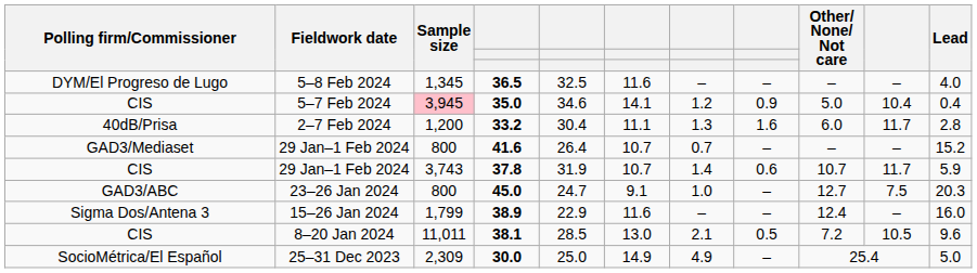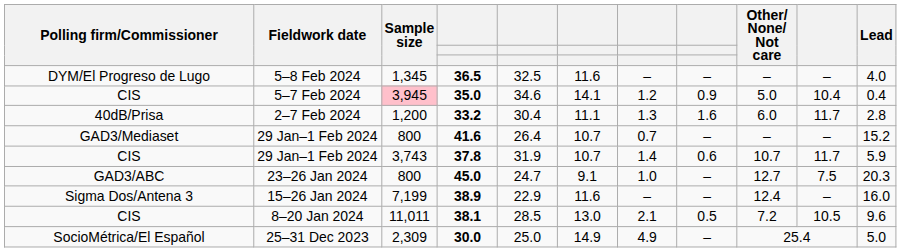 <table class="wikitable collapsible collapsed" style="text-align:center; font-size:90%; line-height:14px;">
 <tr style="height:42px;">
 <th style="width:250px;" rowspan="3">Polling firm/Commissioner</th>
 <th style="width:125px;" rowspan="3">Fieldwork date</th>
 <th style="width:50px;" rowspan="3">Sample size</th>
 <th style="width:55px;"></th>
 <th style="width:55px;"></th>
 <th style="width:55px;"></th>
 <th style="width:55px;"></th>
 <th style="width:55px;"></th>
 <th style="width:55px;" rowspan="3">Other/<br>None/<br>Not<br>care</th>
 <th style="width:55px;" rowspan="3"></th>
 <th style="width:30px;" rowspan="3">Lead</th>
 </tr>
 <tr>
 <th style="color:inherit;background:"></th>
 <th style="color:inherit;background:"></th>
 <th style="color:inherit;background:"></th>
 <th style="color:inherit;background:"></th>
 <th style="color:inherit;background:"></th>
 </tr>
 <tr>
 <th></th>
 <th></th>
 <th></th>
 <th></th>
 <th></th>
 </tr>
 <tr>
 <td>DYM/El Progreso de Lugo</td>
 <td>5–8 Feb 2024</td>
 <td>1,345</td>
 <td><strong>36.5</strong></td>
 <td>32.5</td>
 <td>11.6</td>
 <td>–</td>
 <td>–</td>
 <td>–</td>
 <td>–</td>
 <td style="background:">4.0</td>
 </tr>
 <tr>
 <td>CIS</td>
 <td>5–7 Feb 2024</td>
 <td style="background: pink;">3,945</td>
 <td><strong>35.0</strong></td>
 <td>34.6</td>
 <td>14.1</td>
 <td>1.2</td>
 <td>0.9</td>
 <td>5.0</td>
 <td>10.4</td>
 <td style="background:">0.4</td>
 </tr>
 <tr>
 <td>40dB/Prisa</td>
 <td>2–7 Feb 2024</td>
 <td>1,200</td>
 <td><strong>33.2</strong></td>
 <td>30.4</td>
 <td>11.1</td>
 <td>1.3</td>
 <td>1.6</td>
 <td>6.0</td>
 <td>11.7</td>
 <td style="background:">2.8</td>
 </tr>
 <tr>
 <td>GAD3/Mediaset</td>
 <td>29 Jan–1 Feb 2024</td>
 <td>800</td>
 <td><strong>41.6</strong></td>
 <td>26.4</td>
 <td>10.7</td>
 <td>0.7</td>
 <td>–</td>
 <td>–</td>
 <td>–</td>
 <td style="background:">15.2</td>
 </tr>
 <tr>
 <td>CIS</td>
 <td>29 Jan–1 Feb 2024</td>
 <td>3,743</td>
 <td><strong>37.8</strong></td>
 <td>31.9</td>
 <td>10.7</td>
 <td>1.4</td>
 <td>0.6</td>
 <td>10.7</td>
 <td>11.7</td>
 <td style="background:">5.9</td>
 </tr>
 <tr>
 <td>GAD3/ABC</td>
 <td>23–26 Jan 2024</td>
 <td>800</td>
 <td><strong>45.0</strong></td>
 <td>24.7</td>
 <td>9.1</td>
 <td>1.0</td>
 <td>–</td>
 <td>12.7</td>
 <td>7.5</td>
 <td style="background:">20.3</td>
 </tr>
 <tr>
 <td>Sigma Dos/Antena 3</td>
 <td>15–26 Jan 2024</td>
-<td>1,799</td>
+<td>7,199</td>
 <td><strong>38.9</strong></td>
 <td>22.9</td>
 <td>11.6</td>
 <td>–</td>
 <td>–</td>
 <td>12.4</td>
 <td>–</td>
 <td style="background:">16.0</td>
 </tr>
 <tr>
 <td>CIS</td>
 <td>8–20 Jan 2024</td>
 <td>11,011</td>
 <td><strong>38.1</strong></td>
 <td>28.5</td>
 <td>13.0</td>
 <td>2.1</td>
 <td>0.5</td>
 <td>7.2</td>
 <td>10.5</td>
 <td style="background:">9.6</td>
 </tr>
 <tr>
 <td>SocioMétrica/El Español</td>
 <td>25–31 Dec 2023</td>
 <td>2,309</td>
 <td><strong>30.0</strong></td>
 <td>25.0</td>
 <td>14.9</td>
 <td>4.9</td>
 <td>–</td>
 <td colspan="2">25.4</td>
 <td style="background:">5.0</td>
 </tr>
 </table>
